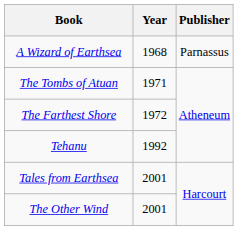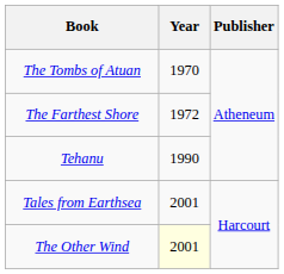 <table class="wikitable" style="text-align: center; min-height: 18em">
 <tr>
 <th style="min-width: 10em">Book</th>
 <th style="min-width: 3em">Year</th>
 <th>Publisher</th>
 </tr>
 <tr>
-<td><em><a href='#'>A Wizard of Earthsea</a></em></td>
-<td>1968</td>
-<td>Parnassus</td>
-</tr>
-<tr>
 <td><em><a href='#'>The Tombs of Atuan</a></em></td>
-<td>1971</td>
+<td>1970</td>
 <td rowspan=3><a href='#'>Atheneum</a></td>
 </tr>
 <tr>
 <td><em><a href='#'>The Farthest Shore</a></em></td>
 <td>1972</td>
 </tr>
 <tr>
 <td><em><a href='#'>Tehanu</a></em></td>
-<td>1992</td>
+<td>1990</td>
 </tr>
 <tr>
 <td><em><a href='#'>Tales from Earthsea</a></em></td>
 <td>2001</td>
 <td rowspan=2><a href='#'>Harcourt</a></td>
 </tr>
 <tr>
 <td><em><a href='#'>The Other Wind</a></em></td>
-<td>2001</td>
+<td style="background: lightyellow;">2001</td>
 </tr>
 </table>
